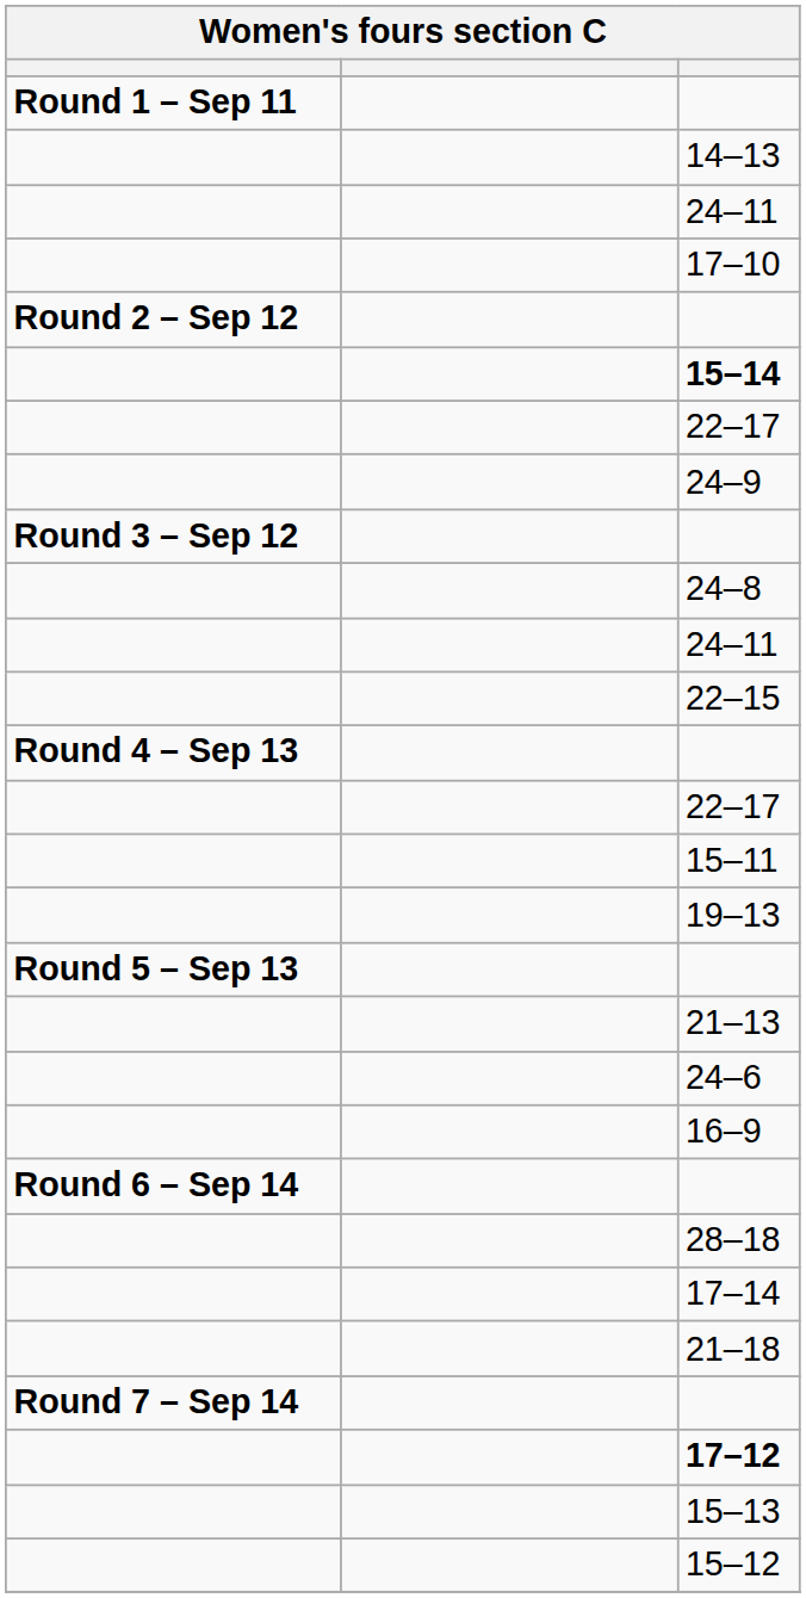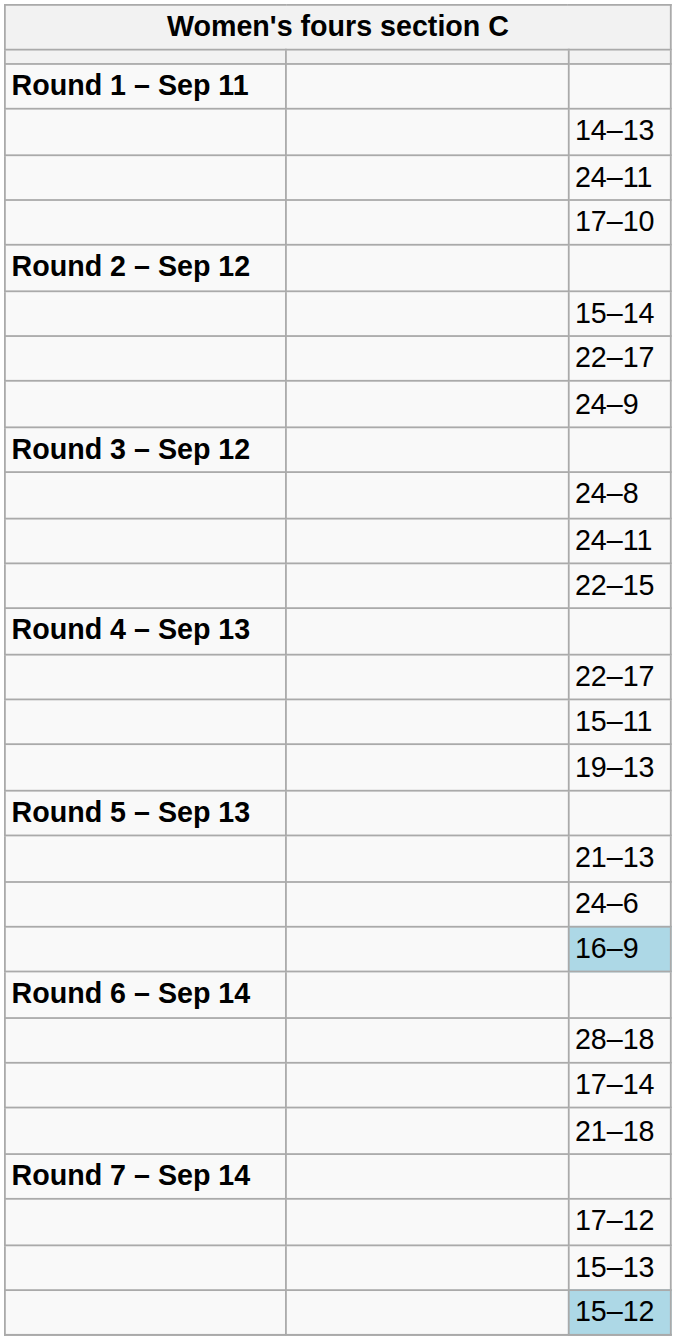 <table class="wikitable">
 <tr>
 <th colspan="3">Women's fours section C</th>
 </tr>
 <tr>
 <th width=150></th>
 <th width=150></th>
 <th width=50></th>
 </tr>
 <tr>
 <td><strong>Round 1 – Sep 11</strong></td>
 <td></td>
 <td></td>
 </tr>
 <tr>
 <td></td>
 <td></td>
 <td>14–13</td>
 </tr>
 <tr>
 <td></td>
 <td></td>
 <td>24–11</td>
 </tr>
 <tr>
 <td></td>
 <td></td>
 <td>17–10</td>
 </tr>
 <tr>
 <td><strong>Round 2 – Sep 12</strong></td>
 <td></td>
 <td></td>
 </tr>
 <tr>
 <td></td>
 <td></td>
-<td><strong>15–14</strong></td>
+<td>15–14</td>
 </tr>
 <tr>
 <td></td>
 <td></td>
 <td>22–17</td>
 </tr>
 <tr>
 <td></td>
 <td></td>
 <td>24–9</td>
 </tr>
 <tr>
 <td><strong>Round 3 – Sep 12</strong></td>
 <td></td>
 <td></td>
 </tr>
 <tr>
 <td></td>
 <td></td>
 <td>24–8</td>
 </tr>
 <tr>
 <td></td>
 <td></td>
 <td>24–11</td>
 </tr>
 <tr>
 <td></td>
 <td></td>
 <td>22–15</td>
 </tr>
 <tr>
 <td><strong>Round 4 – Sep 13</strong></td>
 <td></td>
 <td></td>
 </tr>
 <tr>
 <td></td>
 <td></td>
 <td>22–17</td>
 </tr>
 <tr>
 <td></td>
 <td></td>
 <td>15–11</td>
 </tr>
 <tr>
 <td></td>
 <td></td>
 <td>19–13</td>
 </tr>
 <tr>
 <td><strong>Round 5 – Sep 13</strong></td>
 <td></td>
 <td></td>
 </tr>
 <tr>
 <td></td>
 <td></td>
 <td>21–13</td>
 </tr>
 <tr>
 <td></td>
 <td></td>
 <td>24–6</td>
 </tr>
 <tr>
 <td></td>
 <td></td>
-<td>16–9</td>
+<td style="background: lightblue;">16–9</td>
 </tr>
 <tr>
 <td><strong>Round 6  – Sep 14</strong></td>
 <td></td>
 <td></td>
 </tr>
 <tr>
 <td></td>
 <td></td>
 <td>28–18</td>
 </tr>
 <tr>
 <td></td>
 <td></td>
 <td>17–14</td>
 </tr>
 <tr>
 <td></td>
 <td></td>
 <td>21–18</td>
 </tr>
 <tr>
 <td><strong>Round 7 – Sep 14</strong></td>
 <td></td>
 <td></td>
 </tr>
 <tr>
 <td></td>
 <td></td>
-<td><strong>17–12</strong></td>
+<td>17–12</td>
 </tr>
 <tr>
 <td></td>
 <td></td>
 <td>15–13</td>
 </tr>
 <tr>
 <td></td>
 <td></td>
-<td>15–12</td>
+<td style="background: lightblue;">15–12</td>
 </tr>
 <tr>
 </tr>
 </table>
